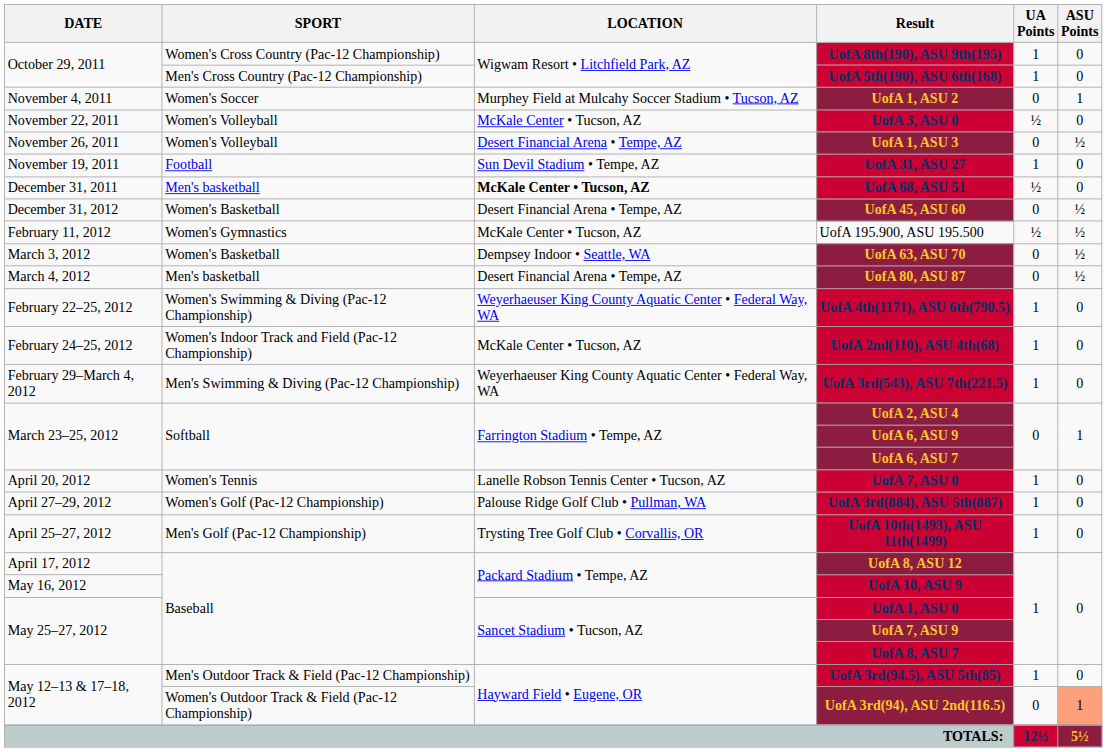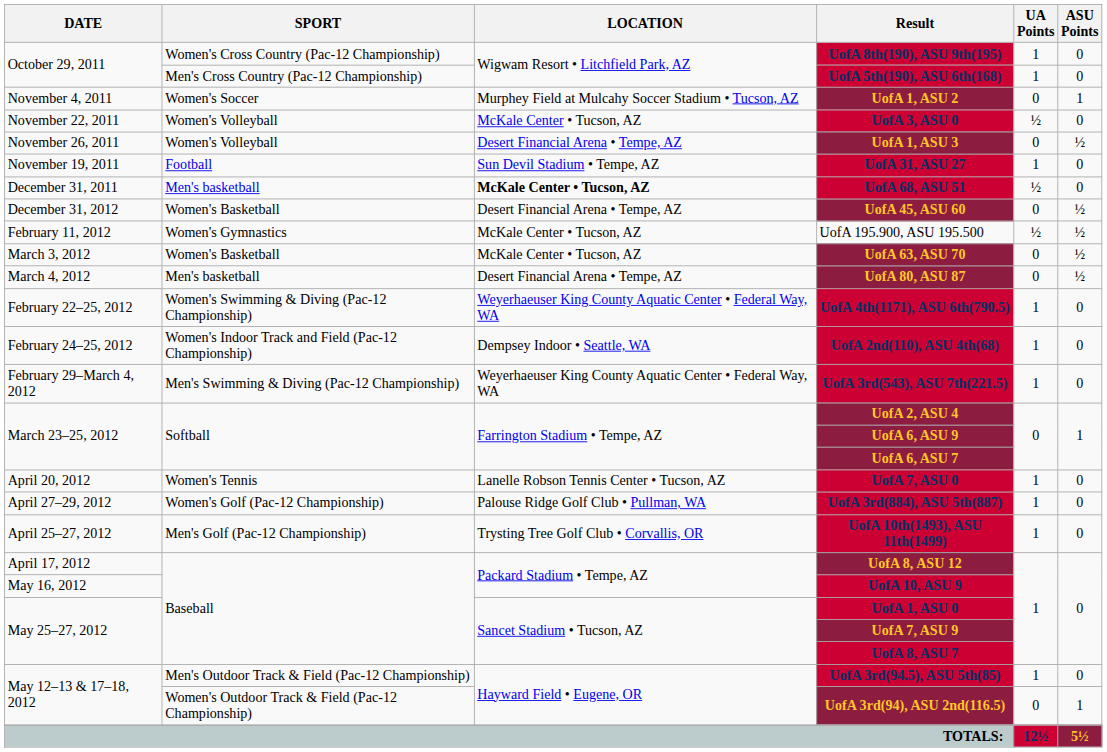 <table class=wikitable>
 <tr>
 <th>DATE</th>
 <th>SPORT</th>
 <th>LOCATION</th>
 <th>Result</th>
 <th>UA<br>Points</th>
 <th>ASU<br>Points</th>
 </tr>
 <tr>
 <td rowspan=2>October 29, 2011</td>
 <td>Women's Cross Country (Pac-12 Championship)</td>
 <td rowspan=2>Wigwam Resort • <a href='#'>Litchfield Park, AZ</a></td>
 <th style="background:#CC0033; color:#003366;">UofA 8th(190), ASU 9th(195)</th>
 <td align="center">1</td>
 <td align="center">0</td>
 </tr>
 <tr>
 <td>Men's Cross Country (Pac-12 Championship)</td>
 <th style="background:#CC0033; color:#003366;">UofA 5th(190), ASU 6th(168)</th>
 <td align="center">1</td>
 <td align="center">0</td>
 </tr>
 <tr>
 <td>November 4, 2011</td>
 <td>Women's Soccer</td>
 <td>Murphey Field at Mulcahy Soccer Stadium • <a href='#'>Tucson, AZ</a></td>
 <th style="background:#8C1D40; color:#FFC627;">UofA 1, ASU 2</th>
 <td align="center">0</td>
 <td align="center">1</td>
 </tr>
 <tr>
 <td>November 22, 2011</td>
 <td>Women's Volleyball</td>
 <td><a href='#'>McKale Center</a> • Tucson, AZ</td>
 <th style="background:#CC0033; color:#003366;">UofA 3, ASU 0</th>
 <td align="center">½</td>
 <td align="center">0</td>
 </tr>
 <tr>
 <td>November 26, 2011</td>
 <td>Women's Volleyball</td>
 <td><a href='#'>Desert Financial Arena</a> • <a href='#'>Tempe, AZ</a></td>
 <th style="background:#8C1D40; color:#FFC627;">UofA 1, ASU 3</th>
 <td align="center">0</td>
 <td align="center">½</td>
 </tr>
 <tr>
 <td>November 19, 2011</td>
 <td><a href='#'>Football</a></td>
 <td><a href='#'>Sun Devil Stadium</a> • Tempe, AZ</td>
 <th style="background:#CC0033; color:#003366;">UofA 31, ASU 27</th>
 <td align="center">1</td>
 <td align="center">0</td>
 </tr>
 <tr>
 <td>December 31, 2011</td>
 <td><a href='#'>Men's basketball</a></td>
 <td><strong>McKale Center • Tucson, AZ</strong></td>
 <th style="background:#CC0033; color:#003366;">UofA 68, ASU 51</th>
 <td align="center">½</td>
 <td align="center">0</td>
 </tr>
 <tr>
 <td>December 31, 2012</td>
 <td>Women's Basketball</td>
 <td>Desert Financial Arena • Tempe, AZ</td>
 <th style="background:#8C1D40; color:#FFC627;">UofA 45, ASU 60</th>
 <td align="center">0</td>
 <td align="center">½</td>
 </tr>
 <tr>
 <td>February 11, 2012</td>
 <td>Women's Gymnastics</td>
 <td>McKale Center • Tucson, AZ</td>
 <td>UofA 195.900, ASU 195.500</td>
 <td align="center">½</td>
 <td align="center">½</td>
 </tr>
 <tr>
 <td>March 3, 2012</td>
 <td>Women's Basketball</td>
-<td>Dempsey Indoor • <a href='#'>Seattle, WA</a></td>
+<td>McKale Center • Tucson, AZ</td>
 <th style="background:#8C1D40; color:#FFC627;">UofA 63, ASU 70</th>
 <td align="center">0</td>
 <td align="center">½</td>
 </tr>
 <tr>
 <td>March 4, 2012</td>
 <td>Men's basketball</td>
 <td>Desert Financial Arena • Tempe, AZ</td>
 <th style="background:#8C1D40; color:#FFC627;">UofA 80, ASU 87</th>
 <td align="center">0</td>
 <td align="center">½</td>
 </tr>
 <tr>
 <td>February 22–25, 2012</td>
 <td>Women's Swimming & Diving (Pac-12 Championship)</td>
 <td><a href='#'>Weyerhaeuser King County Aquatic Center</a> • <a href='#'>Federal Way, WA</a></td>
 <th style="background:#CC0033; color:#003366;">UofA 4th(1171), ASU 6th(790.5)</th>
 <td align="center">1</td>
 <td align="center">0</td>
 </tr>
 <tr>
 <td>February 24–25, 2012</td>
 <td>Women's Indoor Track and Field (Pac-12 Championship)</td>
-<td>McKale Center • Tucson, AZ</td>
+<td>Dempsey Indoor • <a href='#'>Seattle, WA</a></td>
 <th style="background:#CC0033; color:#003366;">UofA 2nd(110), ASU 4th(68)</th>
 <td align="center">1</td>
 <td align="center">0</td>
 </tr>
 <tr>
 <td>February 29–March 4, 2012</td>
 <td>Men's Swimming & Diving (Pac-12 Championship)</td>
 <td>Weyerhaeuser King County Aquatic Center • Federal Way, WA</td>
 <th style="background:#CC0033; color:#003366;">UofA 3rd(543), ASU 7th(221.5)</th>
 <td align="center">1</td>
 <td align="center">0</td>
 </tr>
 <tr>
 <td rowspan="3">March 23–25, 2012</td>
 <td rowspan="3">Softball</td>
 <td rowspan="3"><a href='#'>Farrington Stadium</a> • Tempe, AZ</td>
 <th style="background:#8C1D40; color:#FFC627;">UofA 2, ASU 4</th>
 <td rowspan="3" align="center">0</td>
 <td rowspan="3" align="center">1</td>
 </tr>
 <tr>
 <th style="background:#8C1D40; color:#FFC627;">UofA 6, ASU 9</th>
 </tr>
 <tr>
 <th style="background:#8C1D40; color:#FFC627;">UofA 6, ASU 7</th>
 </tr>
 <tr>
 <td>April 20, 2012</td>
 <td>Women's Tennis</td>
 <td>Lanelle Robson Tennis Center • Tucson, AZ</td>
 <th style="background:#CC0033; color:#003366;">UofA 7, ASU 0</th>
 <td align="center">1</td>
 <td align="center">0</td>
 </tr>
 <tr>
 <td>April 27–29, 2012</td>
 <td>Women's Golf (Pac-12 Championship)</td>
 <td>Palouse Ridge Golf Club • <a href='#'>Pullman, WA</a></td>
 <th style="background:#CC0033; color:#003366;">UofA 3rd(884), ASU 5th(887)</th>
 <td align="center">1</td>
 <td align="center">0</td>
 </tr>
 <tr>
 <td>April 25–27, 2012</td>
 <td>Men's Golf (Pac-12 Championship)</td>
 <td>Trysting Tree Golf Club • <a href='#'>Corvallis, OR</a></td>
 <th style="background:#CC0033; color:#003366;">UofA 10th(1493), ASU 11th(1499)</th>
 <td align="center">1</td>
 <td align="center">0</td>
 </tr>
 <tr>
 <td>April 17, 2012</td>
 <td rowspan="5">Baseball</td>
 <td rowspan="2"><a href='#'>Packard Stadium</a> • Tempe, AZ</td>
 <th style="background:#8C1D40; color:#FFC627;">UofA 8, ASU 12</th>
 <td rowspan="5" align="center">1</td>
 <td rowspan="5" align="center">0</td>
 </tr>
 <tr>
 <td>May 16, 2012</td>
 <th style="background:#CC0033; color:#003366;">UofA 10, ASU 9</th>
 </tr>
 <tr>
 <td rowspan="3">May 25–27, 2012</td>
 <td rowspan="3"><a href='#'>Sancet Stadium</a> • Tucson, AZ</td>
 <th style="background:#CC0033; color:#003366;">UofA 1, ASU 0</th>
 </tr>
 <tr>
 <th style="background:#8C1D40; color:#FFC627;">UofA 7, ASU 9</th>
 </tr>
 <tr>
 <th style="background:#CC0033; color:#003366;">UofA 8, ASU 7</th>
 </tr>
 <tr>
 <td rowspan=2>May 12–13 & 17–18, 2012</td>
 <td>Men's Outdoor Track & Field (Pac-12 Championship)</td>
 <td rowspan=2><a href='#'>Hayward Field</a> • <a href='#'>Eugene, OR</a></td>
 <th style="background:#CC0033; color:#003366;">UofA 3rd(94.5), ASU 5th(85)</th>
 <td align="center">1</td>
 <td align="center">0</td>
 </tr>
 <tr>
 <td>Women's Outdoor Track & Field (Pac-12 Championship)</td>
 <th style="background:#8C1D40; color:#FFC627;">UofA 3rd(94), ASU 2nd(116.5)</th>
 <td align="center">0</td>
-<td align="center" style="background: lightsalmon;">1</td>
+<td align="center">1</td>
 </tr>
 <tr>
 </tr>
 <tr style="background:#bccccc;">
 <td colspan="4" style="text-align:right;"><strong>TOTALS:</strong>  </td>
 <th style="background:#CC0033; color:#003366;">12½</th>
 <th style="background:#8C1D40; color:#FFC627;">5½</th>
 </tr>
 </table>
